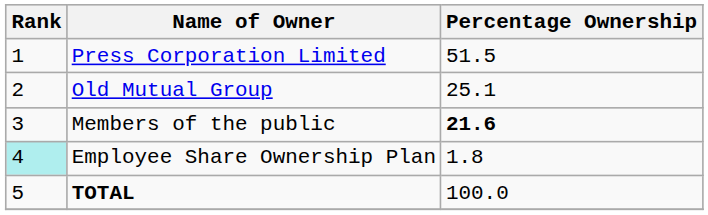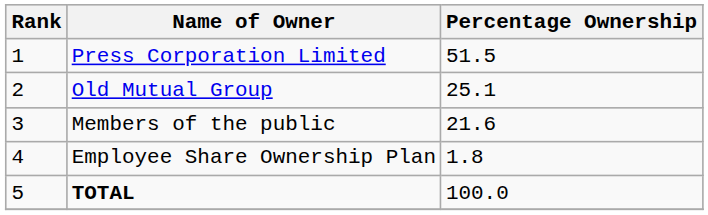 <table class="wikitable sortable" style="margin-left:auto;margin-right:auto">
 <tr>
 <th style="width:2em;">Rank</th>
 <th>Name of Owner</th>
 <th>Percentage Ownership</th>
 </tr>
 <tr>
 <td>1</td>
 <td><a href='#'>Press Corporation Limited</a></td>
 <td>51.5</td>
 </tr>
 <tr>
 <td>2</td>
 <td><a href='#'>Old Mutual Group</a></td>
 <td>25.1</td>
 </tr>
 <tr>
 <td>3</td>
 <td>Members of the public</td>
-<td><strong>21.6</strong></td>
+<td>21.6</td>
 </tr>
 <tr>
-<td style="background: paleturquoise;">4</td>
+<td>4</td>
 <td>Employee Share Ownership Plan</td>
 <td>1.8</td>
 </tr>
 <tr>
 <td>5</td>
 <td><strong>TOTAL</strong></td>
 <td>100.0</td>
 </tr>
 <tr>
 </tr>
 </table>
